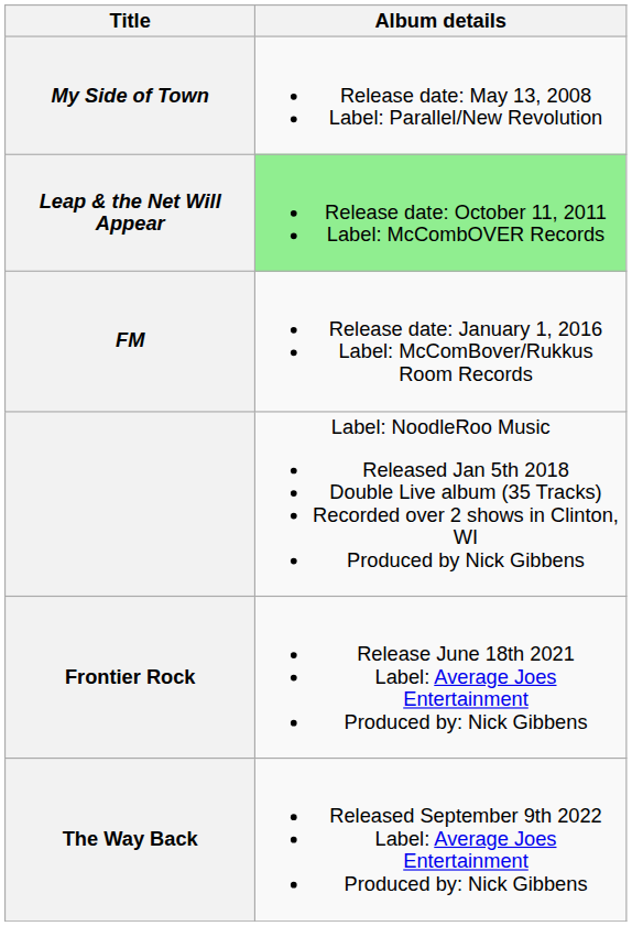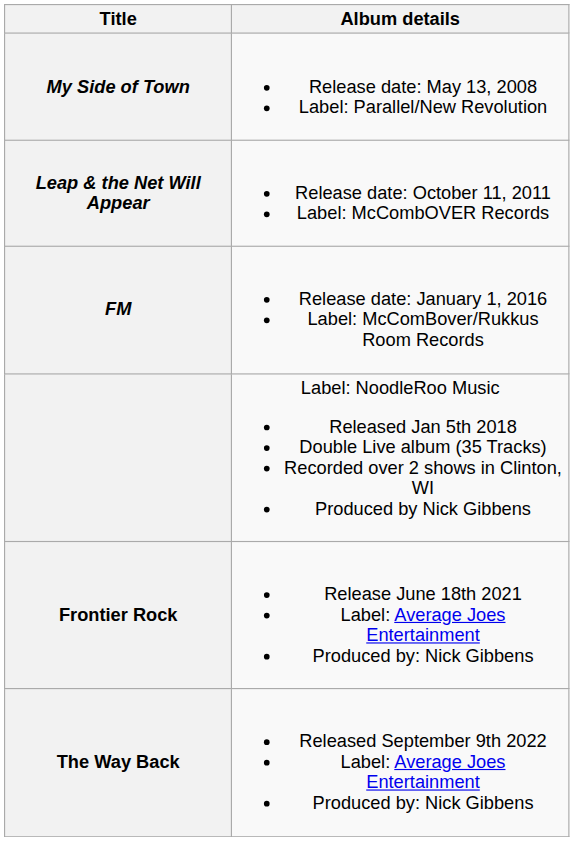 <table class="wikitable plainrowheaders" style="text-align:center;">
 <tr>
 <th style="width:12em;">Title</th>
 <th style="width:18em;">Album details</th>
 </tr>
 <tr>
 <th scope="row"><em>My Side of Town</em></th>
 <td><br><ul><li>Release date: May 13, 2008</li><li>Label: Parallel/New Revolution</li></ul></td>
 </tr>
 <tr>
 <th scope="row"><em>Leap & the Net Will Appear</em></th>
-<td style="background: lightgreen;"><br><ul><li>Release date: October 11, 2011</li><li>Label: McCombOVER Records</li></ul></td>
+<td><br><ul><li>Release date: October 11, 2011</li><li>Label: McCombOVER Records</li></ul></td>
 </tr>
 <tr>
 <th><blockquote><em>FM</em></blockquote></th>
 <td><br><ul><li>Release date: January 1, 2016</li><li>Label: McComBover/Rukkus Room Records</li></ul></td>
 </tr>
 <tr>
 <th></th>
 <td>Label: NoodleRoo Music<br><ul><li>Released Jan 5th 2018</li><li>Double Live album (35 Tracks)</li><li>Recorded over 2 shows in Clinton, WI</li><li>Produced by Nick Gibbens</li></ul></td>
 </tr>
 <tr>
 <th>Frontier Rock</th>
 <td><br><ul><li>Release June 18th 2021</li><li>Label: <a href='#'>Average Joes Entertainment</a></li><li>Produced by: Nick Gibbens</li></ul></td>
 </tr>
 <tr>
 <th>The Way Back</th>
 <td><br><ul><li>Released September 9th 2022</li><li>Label: <a href='#'>Average Joes Entertainment</a></li><li>Produced by: Nick Gibbens</li></ul></td>
 </tr>
 </table>
